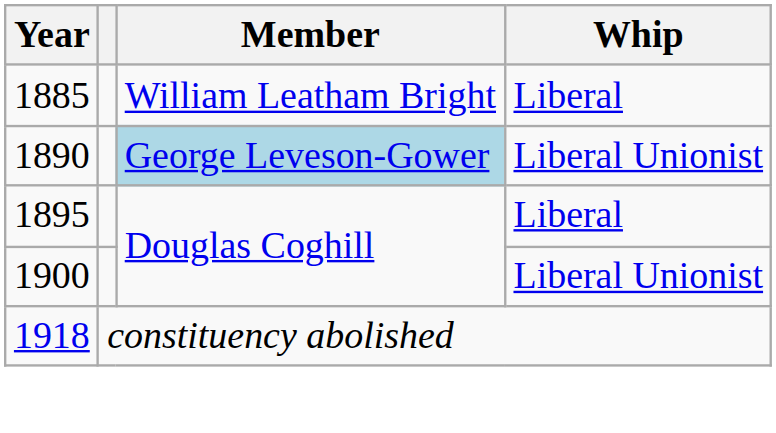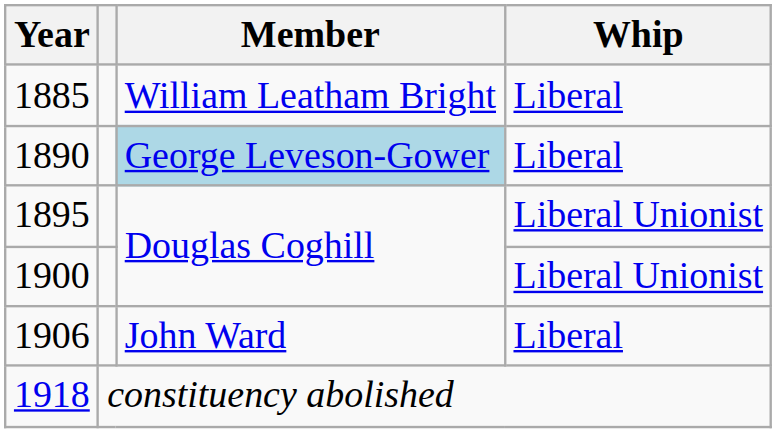 <table class="wikitable">
 <tr>
 <th>Year</th>
 <th></th>
 <th>Member</th>
 <th>Whip</th>
 </tr>
 <tr>
 <td>1885</td>
 <td style="color:inherit;background-color: "></td>
 <td><a href='#'>William Leatham Bright</a></td>
 <td><a href='#'>Liberal</a></td>
 </tr>
 <tr>
 <td>1890</td>
 <td style="color:inherit;background-color: "></td>
 <td style="background: lightblue;"><a href='#'>George Leveson-Gower</a></td>
-<td><a href='#'>Liberal Unionist</a></td>
+<td><a href='#'>Liberal</a></td>
 </tr>
 <tr>
 <td>1895</td>
 <td style="color:inherit;background-color: "></td>
 <td rowspan="2"><a href='#'>Douglas Coghill</a></td>
-<td><a href='#'>Liberal</a></td>
+<td><a href='#'>Liberal Unionist</a></td>
 </tr>
 <tr>
 <td>1900</td>
 <td style="color:inherit;background-color: "></td>
 <td><a href='#'>Liberal Unionist</a></td>
 </tr>
 <tr>
+<td>1906</td>
+<td style="color:inherit;background-color: "></td>
+<td><a href='#'>John Ward</a></td>
+<td><a href='#'>Liberal</a></td>
+</tr>
+<tr>
 <td><a href='#'>1918</a></td>
 <td colspan="3"><em>constituency abolished</em></td>
 </tr>
 </table>
